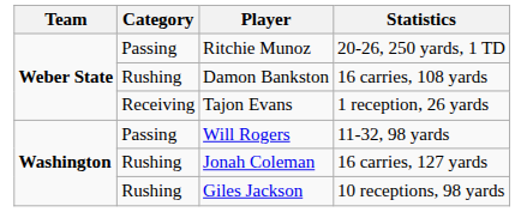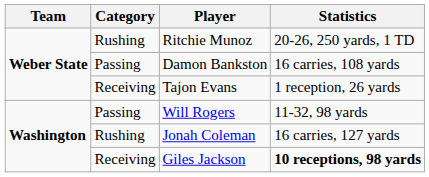 <table class="wikitable" style="float: right;">
 <tr>
 <th>Team</th>
 <th>Category</th>
 <th>Player</th>
 <th>Statistics</th>
 </tr>
 <tr>
 <td rowspan=3><strong>Weber State</strong></td>
-<td>Passing</td>
+<td>Rushing</td>
 <td>Ritchie Munoz</td>
 <td>20-26, 250 yards, 1 TD</td>
 </tr>
 <tr>
-<td>Rushing</td>
+<td>Passing</td>
 <td>Damon Bankston</td>
 <td>16 carries, 108 yards</td>
 </tr>
 <tr>
 <td>Receiving</td>
 <td>Tajon Evans</td>
 <td>1 reception, 26 yards</td>
 </tr>
 <tr>
 <td rowspan=3><strong>Washington</strong></td>
 <td>Passing</td>
 <td><a href='#'>Will Rogers</a></td>
 <td>11-32, 98 yards</td>
 </tr>
 <tr>
 <td>Rushing</td>
 <td><a href='#'>Jonah Coleman</a></td>
 <td>16 carries, 127 yards</td>
 </tr>
 <tr>
-<td>Rushing</td>
+<td>Receiving</td>
 <td><a href='#'>Giles Jackson</a></td>
-<td>10 receptions, 98 yards</td>
+<td><strong>10 receptions, 98 yards</strong></td>
 </tr>
 </table>
